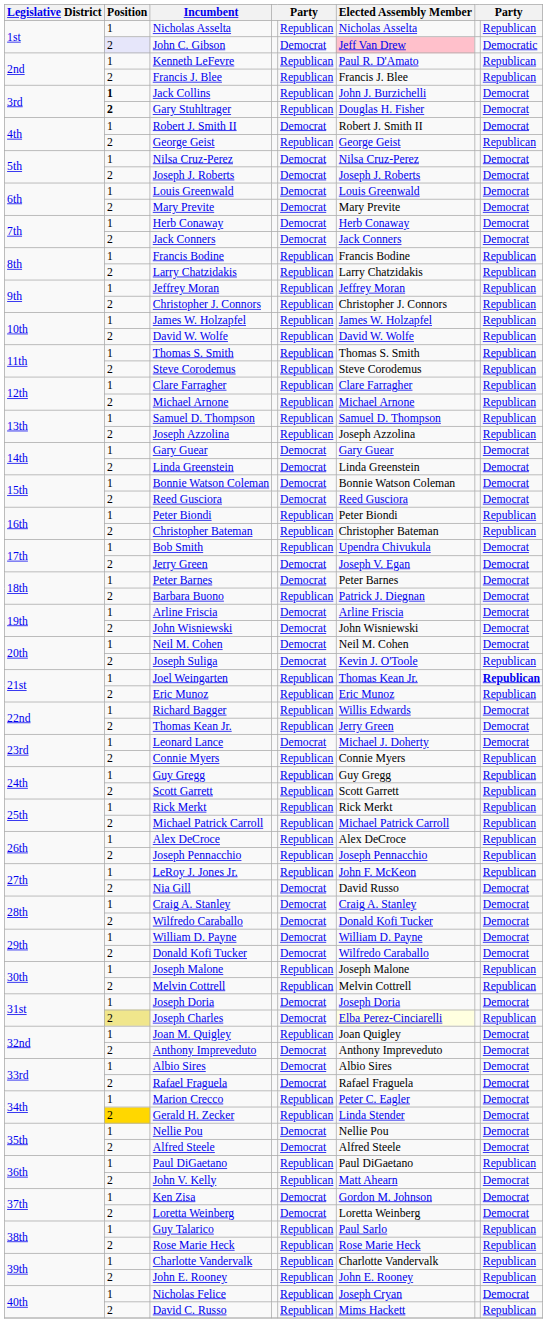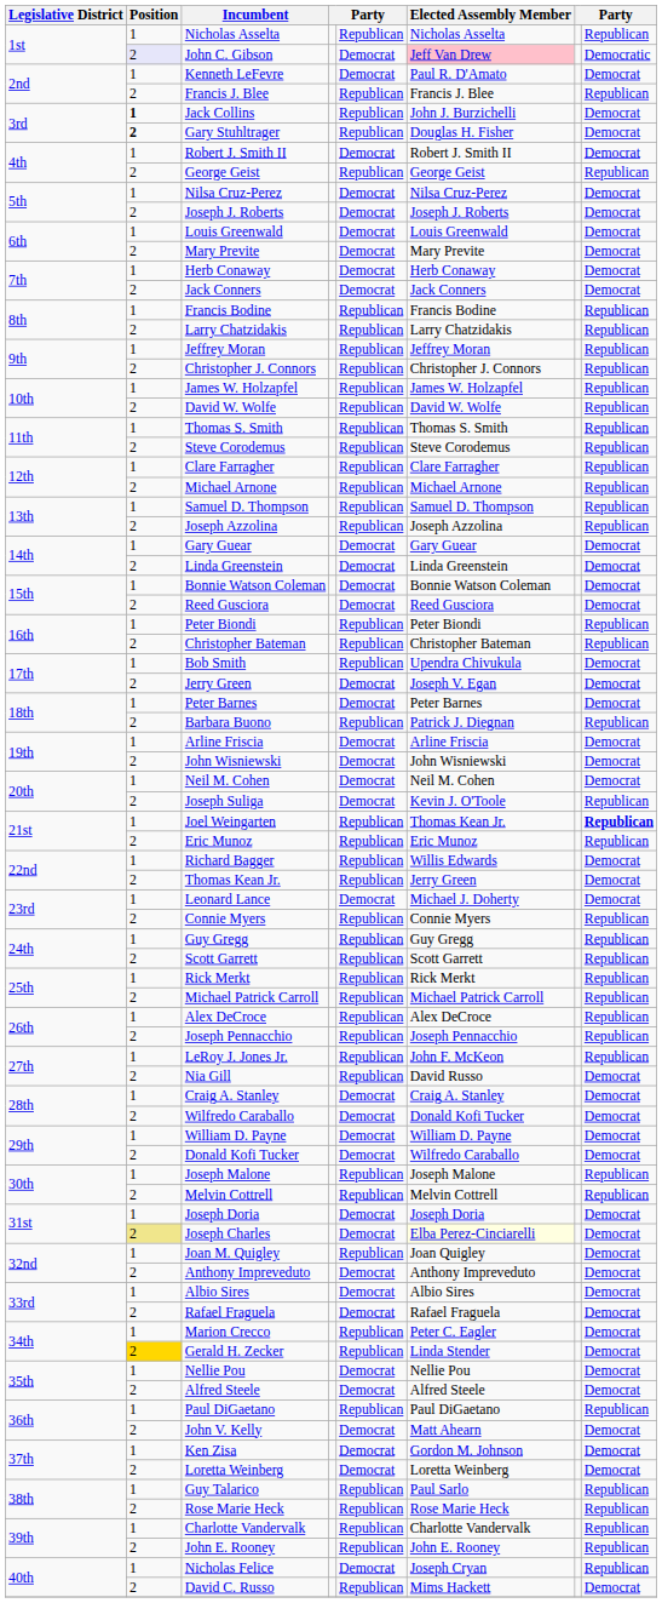 <table class="sortable wikitable" style="font-size:95%;line-height:14px;">
 <tr>
 <th colspan="1" class="sortable"><a href='#'>Legislative</a> District</th>
 <th colspan="1" class="sortable">Position</th>
 <th class="unsortable"><a href='#'>Incumbent</a></th>
 <th colspan="2">Party</th>
 <th class="unsortable">Elected Assembly Member</th>
 <th colspan="2">Party</th>
 </tr>
 <tr>
 <td rowspan="2"><a href='#'>1st</a></td>
 <td>1</td>
 <td><a href='#'>Nicholas Asselta</a></td>
 <td style="background:"></td>
 <td><a href='#'>Republican</a></td>
 <td><a href='#'>Nicholas Asselta</a></td>
 <td style="background:"></td>
 <td><a href='#'>Republican</a></td>
 </tr>
 <tr>
 <td style="background: lavender;">2</td>
 <td><a href='#'>John C. Gibson</a></td>
 <td style="background:"></td>
 <td><a href='#'>Democrat</a></td>
 <td style="background: pink;"><a href='#'>Jeff Van Drew</a></td>
 <td style="background:"></td>
 <td><a href='#'>Democratic</a></td>
 </tr>
 <tr>
 <td rowspan="2"><a href='#'>2nd</a></td>
 <td>1</td>
 <td><a href='#'>Kenneth LeFevre</a></td>
 <td style="background:"></td>
-<td><a href='#'>Republican</a></td>
+<td><a href='#'>Democrat</a></td>
 <td><a href='#'>Paul R. D'Amato</a></td>
 <td style="background:"></td>
-<td><a href='#'>Republican</a></td>
+<td><a href='#'>Democrat</a></td>
 </tr>
 <tr>
 <td>2</td>
 <td><a href='#'>Francis J. Blee</a></td>
 <td style="background:"></td>
 <td><a href='#'>Republican</a></td>
 <td>Francis J. Blee</td>
 <td style="background:"></td>
 <td><a href='#'>Republican</a></td>
 </tr>
 <tr>
 <td rowspan="2"><a href='#'>3rd</a></td>
 <td><strong>1</strong></td>
 <td><a href='#'>Jack Collins</a></td>
 <td style="background:"></td>
 <td><a href='#'>Republican</a></td>
 <td><a href='#'>John J. Burzichelli</a></td>
 <td style="background:"></td>
 <td><a href='#'>Democrat</a></td>
 </tr>
 <tr>
 <td><strong>2</strong></td>
 <td><a href='#'>Gary Stuhltrager</a></td>
 <td style="background:"></td>
 <td><a href='#'>Republican</a></td>
 <td><a href='#'>Douglas H. Fisher</a></td>
 <td style="background:"></td>
 <td><a href='#'>Democrat</a></td>
 </tr>
 <tr>
 <td rowspan="2"><a href='#'>4th</a></td>
 <td>1</td>
 <td><a href='#'>Robert J. Smith II</a></td>
 <td style="background:"></td>
 <td><a href='#'>Democrat</a></td>
 <td>Robert J. Smith II</td>
 <td style="background:"></td>
 <td><a href='#'>Democrat</a></td>
 </tr>
 <tr>
 <td>2</td>
 <td><a href='#'>George Geist</a></td>
 <td style="background:"></td>
 <td><a href='#'>Republican</a></td>
 <td><a href='#'>George Geist</a></td>
 <td style="background:"></td>
 <td><a href='#'>Republican</a></td>
 </tr>
 <tr>
 <td rowspan="2"><a href='#'>5th</a></td>
 <td>1</td>
 <td><a href='#'>Nilsa Cruz-Perez</a></td>
 <td style="background:"></td>
 <td><a href='#'>Democrat</a></td>
 <td><a href='#'>Nilsa Cruz-Perez</a></td>
 <td style="background:"></td>
 <td><a href='#'>Democrat</a></td>
 </tr>
 <tr>
 <td>2</td>
 <td><a href='#'>Joseph J. Roberts</a></td>
 <td style="background:"></td>
 <td><a href='#'>Democrat</a></td>
 <td><a href='#'>Joseph J. Roberts</a></td>
 <td style="background:"></td>
 <td><a href='#'>Democrat</a></td>
 </tr>
 <tr>
 <td rowspan="2"><a href='#'>6th</a></td>
 <td>1</td>
 <td><a href='#'>Louis Greenwald</a></td>
 <td style="background:"></td>
 <td><a href='#'>Democrat</a></td>
 <td><a href='#'>Louis Greenwald</a></td>
 <td style="background:"></td>
 <td><a href='#'>Democrat</a></td>
 </tr>
 <tr>
 <td>2</td>
 <td><a href='#'>Mary Previte</a></td>
 <td style="background:"></td>
 <td><a href='#'>Democrat</a></td>
 <td>Mary Previte</td>
 <td style="background:"></td>
 <td><a href='#'>Democrat</a></td>
 </tr>
 <tr>
 <td rowspan="2"><a href='#'>7th</a></td>
 <td>1</td>
 <td><a href='#'>Herb Conaway</a></td>
 <td style="background:"></td>
 <td><a href='#'>Democrat</a></td>
 <td><a href='#'>Herb Conaway</a></td>
 <td style="background:"></td>
 <td><a href='#'>Democrat</a></td>
 </tr>
 <tr>
 <td>2</td>
 <td><a href='#'>Jack Conners</a></td>
 <td style="background:"></td>
 <td><a href='#'>Democrat</a></td>
 <td><a href='#'>Jack Conners</a></td>
 <td style="background:"></td>
 <td><a href='#'>Democrat</a></td>
 </tr>
 <tr>
 <td rowspan="2"><a href='#'>8th</a></td>
 <td>1</td>
 <td><a href='#'>Francis Bodine</a></td>
 <td style="background:"></td>
 <td><a href='#'>Republican</a></td>
 <td>Francis Bodine</td>
 <td style="background:"></td>
 <td><a href='#'>Republican</a></td>
 </tr>
 <tr>
 <td>2</td>
 <td><a href='#'>Larry Chatzidakis</a></td>
 <td style="background:"></td>
 <td><a href='#'>Republican</a></td>
 <td>Larry Chatzidakis</td>
 <td style="background:"></td>
 <td><a href='#'>Republican</a></td>
 </tr>
 <tr>
 <td rowspan="2"><a href='#'>9th</a></td>
 <td>1</td>
 <td><a href='#'>Jeffrey Moran</a></td>
 <td style="background:"></td>
 <td><a href='#'>Republican</a></td>
 <td><a href='#'>Jeffrey Moran</a></td>
 <td style="background:"></td>
 <td><a href='#'>Republican</a></td>
 </tr>
 <tr>
 <td>2</td>
 <td><a href='#'>Christopher J. Connors</a></td>
 <td style="background:"></td>
 <td><a href='#'>Republican</a></td>
 <td>Christopher J. Connors</td>
 <td style="background:"></td>
 <td><a href='#'>Republican</a></td>
 </tr>
 <tr>
 <td rowspan="2"><a href='#'>10th</a></td>
 <td>1</td>
 <td><a href='#'>James W. Holzapfel</a></td>
 <td style="background:"></td>
 <td><a href='#'>Republican</a></td>
 <td><a href='#'>James W. Holzapfel</a></td>
 <td style="background:"></td>
 <td><a href='#'>Republican</a></td>
 </tr>
 <tr>
 <td>2</td>
 <td><a href='#'>David W. Wolfe</a></td>
 <td style="background:"></td>
 <td><a href='#'>Republican</a></td>
 <td><a href='#'>David W. Wolfe</a></td>
 <td style="background:"></td>
 <td><a href='#'>Republican</a></td>
 </tr>
 <tr>
 <td rowspan="2"><a href='#'>11th</a></td>
 <td>1</td>
 <td><a href='#'>Thomas S. Smith</a></td>
 <td style="background:"></td>
 <td><a href='#'>Republican</a></td>
 <td>Thomas S. Smith</td>
 <td style="background:"></td>
 <td><a href='#'>Republican</a></td>
 </tr>
 <tr>
 <td>2</td>
 <td><a href='#'>Steve Corodemus</a></td>
 <td style="background:"></td>
 <td><a href='#'>Republican</a></td>
 <td>Steve Corodemus</td>
 <td style="background:"></td>
 <td><a href='#'>Republican</a></td>
 </tr>
 <tr>
 <td rowspan="2"><a href='#'>12th</a></td>
 <td>1</td>
 <td><a href='#'>Clare Farragher</a></td>
 <td style="background:"></td>
 <td><a href='#'>Republican</a></td>
 <td><a href='#'>Clare Farragher</a></td>
 <td style="background:"></td>
 <td><a href='#'>Republican</a></td>
 </tr>
 <tr>
 <td>2</td>
 <td><a href='#'>Michael Arnone</a></td>
 <td style="background:"></td>
 <td><a href='#'>Republican</a></td>
 <td><a href='#'>Michael Arnone</a></td>
 <td style="background:"></td>
 <td><a href='#'>Republican</a></td>
 </tr>
 <tr>
 <td rowspan="2"><a href='#'>13th</a></td>
 <td>1</td>
 <td><a href='#'>Samuel D. Thompson</a></td>
 <td style="background:"></td>
 <td><a href='#'>Republican</a></td>
 <td><a href='#'>Samuel D. Thompson</a></td>
 <td style="background:"></td>
 <td><a href='#'>Republican</a></td>
 </tr>
 <tr>
 <td>2</td>
 <td><a href='#'>Joseph Azzolina</a></td>
 <td style="background:"></td>
 <td><a href='#'>Republican</a></td>
 <td>Joseph Azzolina</td>
 <td style="background:"></td>
 <td><a href='#'>Republican</a></td>
 </tr>
 <tr>
 <td rowspan="2"><a href='#'>14th</a></td>
 <td>1</td>
 <td><a href='#'>Gary Guear</a></td>
 <td style="background:"></td>
 <td><a href='#'>Democrat</a></td>
 <td><a href='#'>Gary Guear</a></td>
 <td style="background:"></td>
 <td><a href='#'>Democrat</a></td>
 </tr>
 <tr>
 <td>2</td>
 <td><a href='#'>Linda Greenstein</a></td>
 <td style="background:"></td>
 <td><a href='#'>Democrat</a></td>
 <td>Linda Greenstein</td>
 <td style="background:"></td>
 <td><a href='#'>Democrat</a></td>
 </tr>
 <tr>
 <td rowspan="2"><a href='#'>15th</a></td>
 <td>1</td>
 <td><a href='#'>Bonnie Watson Coleman</a></td>
 <td style="background:"></td>
 <td><a href='#'>Democrat</a></td>
 <td>Bonnie Watson Coleman</td>
 <td style="background:"></td>
 <td><a href='#'>Democrat</a></td>
 </tr>
 <tr>
 <td>2</td>
 <td><a href='#'>Reed Gusciora</a></td>
 <td style="background:"></td>
 <td><a href='#'>Democrat</a></td>
 <td><a href='#'>Reed Gusciora</a></td>
 <td style="background:"></td>
 <td><a href='#'>Democrat</a></td>
 </tr>
 <tr>
 <td rowspan="2"><a href='#'>16th</a></td>
 <td>1</td>
 <td><a href='#'>Peter Biondi</a></td>
 <td style="background:"></td>
 <td><a href='#'>Republican</a></td>
 <td>Peter Biondi</td>
 <td style="background:"></td>
 <td><a href='#'>Republican</a></td>
 </tr>
 <tr>
 <td>2</td>
 <td><a href='#'>Christopher Bateman</a></td>
 <td style="background:"></td>
 <td><a href='#'>Republican</a></td>
 <td>Christopher Bateman</td>
 <td style="background:"></td>
 <td><a href='#'>Republican</a></td>
 </tr>
 <tr>
 <td rowspan="2"><a href='#'>17th</a></td>
 <td>1</td>
 <td><a href='#'>Bob Smith</a></td>
 <td style="background:"></td>
 <td><a href='#'>Republican</a></td>
 <td><a href='#'>Upendra Chivukula</a></td>
 <td style="background:"></td>
 <td><a href='#'>Democrat</a></td>
 </tr>
 <tr>
 <td>2</td>
 <td><a href='#'>Jerry Green</a></td>
 <td style="background:"></td>
 <td><a href='#'>Democrat</a></td>
 <td><a href='#'>Joseph V. Egan</a></td>
 <td style="background:"></td>
 <td><a href='#'>Democrat</a></td>
 </tr>
 <tr>
 <td rowspan="2"><a href='#'>18th</a></td>
 <td>1</td>
 <td><a href='#'>Peter Barnes</a></td>
 <td style="background:"></td>
 <td><a href='#'>Democrat</a></td>
 <td>Peter Barnes</td>
 <td style="background:"></td>
 <td><a href='#'>Democrat</a></td>
 </tr>
 <tr>
 <td>2</td>
 <td><a href='#'>Barbara Buono</a></td>
 <td style="background:"></td>
 <td><a href='#'>Republican</a></td>
 <td><a href='#'>Patrick J. Diegnan</a></td>
 <td style="background:"></td>
-<td><a href='#'>Democrat</a></td>
+<td><a href='#'>Republican</a></td>
 </tr>
 <tr>
 <td rowspan="2"><a href='#'>19th</a></td>
 <td>1</td>
 <td><a href='#'>Arline Friscia</a></td>
 <td style="background:"></td>
 <td><a href='#'>Democrat</a></td>
 <td><a href='#'>Arline Friscia</a></td>
 <td style="background:"></td>
 <td><a href='#'>Democrat</a></td>
 </tr>
 <tr>
 <td>2</td>
 <td><a href='#'>John Wisniewski</a></td>
 <td style="background:"></td>
 <td><a href='#'>Democrat</a></td>
 <td>John Wisniewski</td>
 <td style="background:"></td>
 <td><a href='#'>Democrat</a></td>
 </tr>
 <tr>
 <td rowspan="2"><a href='#'>20th</a></td>
 <td>1</td>
 <td><a href='#'>Neil M. Cohen</a></td>
 <td style="background:"></td>
 <td><a href='#'>Democrat</a></td>
 <td>Neil M. Cohen</td>
 <td style="background:"></td>
 <td><a href='#'>Democrat</a></td>
 </tr>
 <tr>
 <td>2</td>
 <td><a href='#'>Joseph Suliga</a></td>
 <td style="background:"></td>
 <td><a href='#'>Democrat</a></td>
 <td><a href='#'>Kevin J. O'Toole</a></td>
 <td style="background:"></td>
 <td><a href='#'>Republican</a></td>
 </tr>
 <tr>
 <td rowspan="2"><a href='#'>21st</a></td>
 <td>1</td>
 <td><a href='#'>Joel Weingarten</a></td>
 <td style="background:"></td>
 <td><a href='#'>Republican</a></td>
 <td><a href='#'>Thomas Kean Jr.</a></td>
 <td style="background:"></td>
 <td><strong><a href='#'>Republican</a></strong></td>
 </tr>
 <tr>
 <td>2</td>
 <td><a href='#'>Eric Munoz</a></td>
 <td style="background:"></td>
 <td><a href='#'>Republican</a></td>
 <td><a href='#'>Eric Munoz</a></td>
 <td style="background:"></td>
 <td><a href='#'>Republican</a></td>
 </tr>
 <tr>
 <td rowspan="2"><a href='#'>22nd</a></td>
 <td>1</td>
 <td><a href='#'>Richard Bagger</a></td>
 <td style="background:"></td>
 <td><a href='#'>Republican</a></td>
 <td><a href='#'>Willis Edwards</a></td>
 <td style="background:"></td>
 <td><a href='#'>Democrat</a></td>
 </tr>
 <tr>
 <td>2</td>
 <td><a href='#'>Thomas Kean Jr.</a></td>
 <td style="background:"></td>
 <td><a href='#'>Republican</a></td>
 <td><a href='#'>Jerry Green</a></td>
 <td style="background:"></td>
 <td><a href='#'>Democrat</a></td>
 </tr>
 <tr>
 <td rowspan="2"><a href='#'>23rd</a></td>
 <td>1</td>
 <td><a href='#'>Leonard Lance</a></td>
 <td style="background:"></td>
 <td><a href='#'>Democrat</a></td>
 <td><a href='#'>Michael J. Doherty</a></td>
 <td style="background:"></td>
 <td><a href='#'>Democrat</a></td>
 </tr>
 <tr>
 <td>2</td>
 <td><a href='#'>Connie Myers</a></td>
 <td style="background:"></td>
 <td><a href='#'>Republican</a></td>
 <td>Connie Myers</td>
 <td style="background:"></td>
 <td><a href='#'>Republican</a></td>
 </tr>
 <tr>
 <td rowspan="2"><a href='#'>24th</a></td>
 <td>1</td>
 <td><a href='#'>Guy Gregg</a></td>
 <td style="background:"></td>
 <td><a href='#'>Republican</a></td>
 <td>Guy Gregg</td>
 <td style="background:"></td>
 <td><a href='#'>Republican</a></td>
 </tr>
 <tr>
 <td>2</td>
 <td><a href='#'>Scott Garrett</a></td>
 <td style="background:"></td>
 <td><a href='#'>Republican</a></td>
 <td>Scott Garrett</td>
 <td style="background:"></td>
 <td><a href='#'>Republican</a></td>
 </tr>
 <tr>
 <td rowspan="2"><a href='#'>25th</a></td>
 <td>1</td>
 <td><a href='#'>Rick Merkt</a></td>
 <td style="background:"></td>
 <td><a href='#'>Republican</a></td>
 <td>Rick Merkt</td>
 <td style="background:"></td>
 <td><a href='#'>Republican</a></td>
 </tr>
 <tr>
 <td>2</td>
 <td><a href='#'>Michael Patrick Carroll</a></td>
 <td style="background:"></td>
 <td><a href='#'>Republican</a></td>
 <td><a href='#'>Michael Patrick Carroll</a></td>
 <td style="background:"></td>
 <td><a href='#'>Republican</a></td>
 </tr>
 <tr>
 <td rowspan="2"><a href='#'>26th</a></td>
 <td>1</td>
 <td><a href='#'>Alex DeCroce</a></td>
 <td style="background:"></td>
 <td><a href='#'>Republican</a></td>
 <td>Alex DeCroce</td>
 <td style="background:"></td>
 <td><a href='#'>Republican</a></td>
 </tr>
 <tr>
 <td>2</td>
 <td><a href='#'>Joseph Pennacchio</a></td>
 <td style="background:"></td>
 <td><a href='#'>Republican</a></td>
 <td><a href='#'>Joseph Pennacchio</a></td>
 <td style="background:"></td>
 <td><a href='#'>Republican</a></td>
 </tr>
 <tr>
 <td rowspan="2"><a href='#'>27th</a></td>
 <td>1</td>
 <td><a href='#'>LeRoy J. Jones Jr.</a></td>
 <td style="background:"></td>
 <td><a href='#'>Republican</a></td>
 <td><a href='#'>John F. McKeon</a></td>
 <td style="background:"></td>
 <td><a href='#'>Republican</a></td>
 </tr>
 <tr>
 <td>2</td>
 <td><a href='#'>Nia Gill</a></td>
 <td style="background:"></td>
-<td><a href='#'>Democrat</a></td>
+<td><a href='#'>Republican</a></td>
 <td>David Russo</td>
 <td style="background:"></td>
 <td><a href='#'>Democrat</a></td>
 </tr>
 <tr>
 <td rowspan="2"><a href='#'>28th</a></td>
 <td>1</td>
 <td><a href='#'>Craig A. Stanley</a></td>
 <td style="background:"></td>
 <td><a href='#'>Democrat</a></td>
 <td><a href='#'>Craig A. Stanley</a></td>
 <td style="background:"></td>
 <td><a href='#'>Democrat</a></td>
 </tr>
 <tr>
 <td>2</td>
 <td><a href='#'>Wilfredo Caraballo</a></td>
 <td style="background:"></td>
 <td><a href='#'>Democrat</a></td>
 <td><a href='#'>Donald Kofi Tucker</a></td>
 <td style="background:"></td>
 <td><a href='#'>Democrat</a></td>
 </tr>
 <tr>
 <td rowspan="2"><a href='#'>29th</a></td>
 <td>1</td>
 <td><a href='#'>William D. Payne</a></td>
 <td style="background:"></td>
 <td><a href='#'>Democrat</a></td>
 <td><a href='#'>William D. Payne</a></td>
 <td style="background:"></td>
 <td><a href='#'>Democrat</a></td>
 </tr>
 <tr>
 <td>2</td>
 <td><a href='#'>Donald Kofi Tucker</a></td>
 <td style="background:"></td>
 <td><a href='#'>Democrat</a></td>
 <td><a href='#'>Wilfredo Caraballo</a></td>
 <td style="background:"></td>
 <td><a href='#'>Democrat</a></td>
 </tr>
 <tr>
 <td rowspan="2"><a href='#'>30th</a></td>
 <td>1</td>
 <td><a href='#'>Joseph Malone</a></td>
 <td style="background:"></td>
 <td><a href='#'>Republican</a></td>
 <td>Joseph Malone</td>
 <td style="background:"></td>
 <td><a href='#'>Republican</a></td>
 </tr>
 <tr>
 <td>2</td>
 <td><a href='#'>Melvin Cottrell</a></td>
 <td style="background:"></td>
 <td><a href='#'>Republican</a></td>
 <td>Melvin Cottrell</td>
 <td style="background:"></td>
 <td><a href='#'>Republican</a></td>
 </tr>
 <tr>
 <td rowspan="2"><a href='#'>31st</a></td>
 <td>1</td>
 <td><a href='#'>Joseph Doria</a></td>
 <td style="background:"></td>
 <td><a href='#'>Democrat</a></td>
 <td><a href='#'>Joseph Doria</a></td>
 <td style="background:"></td>
 <td><a href='#'>Democrat</a></td>
 </tr>
 <tr>
 <td style="background: khaki;">2</td>
 <td><a href='#'>Joseph Charles</a></td>
 <td style="background:"></td>
 <td><a href='#'>Democrat</a></td>
 <td style="background: lightyellow;"><a href='#'>Elba Perez-Cinciarelli</a></td>
 <td style="background:"></td>
-<td><a href='#'>Republican</a></td>
+<td><a href='#'>Democrat</a></td>
 </tr>
 <tr>
 <td rowspan="2"><a href='#'>32nd</a></td>
 <td>1</td>
 <td><a href='#'>Joan M. Quigley</a></td>
 <td style="background:"></td>
 <td><a href='#'>Republican</a></td>
 <td>Joan Quigley</td>
 <td style="background:"></td>
 <td><a href='#'>Democrat</a></td>
 </tr>
 <tr>
 <td>2</td>
 <td><a href='#'>Anthony Impreveduto</a></td>
 <td style="background:"></td>
 <td><a href='#'>Democrat</a></td>
 <td>Anthony Impreveduto</td>
 <td style="background:"></td>
 <td><a href='#'>Democrat</a></td>
 </tr>
 <tr>
 <td rowspan="2"><a href='#'>33rd</a></td>
 <td>1</td>
 <td><a href='#'>Albio Sires</a></td>
 <td style="background:"></td>
 <td><a href='#'>Democrat</a></td>
 <td>Albio Sires</td>
 <td style="background:"></td>
 <td><a href='#'>Democrat</a></td>
 </tr>
 <tr>
 <td>2</td>
 <td><a href='#'>Rafael Fraguela</a></td>
 <td style="background:"></td>
 <td><a href='#'>Democrat</a></td>
 <td>Rafael Fraguela</td>
 <td style="background:"></td>
 <td><a href='#'>Democrat</a></td>
 </tr>
 <tr>
 <td rowspan="2"><a href='#'>34th</a></td>
 <td>1</td>
 <td><a href='#'>Marion Crecco</a></td>
 <td style="background:"></td>
 <td><a href='#'>Republican</a></td>
 <td><a href='#'>Peter C. Eagler</a></td>
 <td style="background:"></td>
 <td><a href='#'>Democrat</a></td>
 </tr>
 <tr>
 <td style="background: gold;">2</td>
 <td><a href='#'>Gerald H. Zecker</a></td>
 <td style="background:"></td>
 <td><a href='#'>Republican</a></td>
 <td><a href='#'>Linda Stender</a></td>
 <td style="background:"></td>
 <td><a href='#'>Democrat</a></td>
 </tr>
 <tr>
 <td rowspan="2"><a href='#'>35th</a></td>
 <td>1</td>
 <td><a href='#'>Nellie Pou</a></td>
 <td style="background:"></td>
 <td><a href='#'>Democrat</a></td>
 <td>Nellie Pou</td>
 <td style="background:"></td>
 <td><a href='#'>Democrat</a></td>
 </tr>
 <tr>
 <td>2</td>
 <td><a href='#'>Alfred Steele</a></td>
 <td style="background:"></td>
 <td><a href='#'>Democrat</a></td>
 <td>Alfred Steele</td>
 <td style="background:"></td>
 <td><a href='#'>Democrat</a></td>
 </tr>
 <tr>
 <td rowspan="2"><a href='#'>36th</a></td>
 <td>1</td>
 <td><a href='#'>Paul DiGaetano</a></td>
 <td style="background:"></td>
 <td><a href='#'>Republican</a></td>
 <td>Paul DiGaetano</td>
 <td style="background:"></td>
 <td><a href='#'>Republican</a></td>
 </tr>
 <tr>
 <td>2</td>
 <td><a href='#'>John V. Kelly</a></td>
 <td style="background:"></td>
-<td><a href='#'>Republican</a></td>
+<td><a href='#'>Democrat</a></td>
 <td><a href='#'>Matt Ahearn</a></td>
 <td style="background:"></td>
 <td><a href='#'>Democrat</a></td>
 </tr>
 <tr>
 <td rowspan="2"><a href='#'>37th</a></td>
 <td>1</td>
 <td><a href='#'>Ken Zisa</a></td>
 <td style="background:"></td>
 <td><a href='#'>Democrat</a></td>
 <td><a href='#'>Gordon M. Johnson</a></td>
 <td style="background:"></td>
 <td><a href='#'>Democrat</a></td>
 </tr>
 <tr>
 <td>2</td>
 <td><a href='#'>Loretta Weinberg</a></td>
 <td style="background:"></td>
 <td><a href='#'>Democrat</a></td>
 <td>Loretta Weinberg</td>
 <td style="background:"></td>
 <td><a href='#'>Democrat</a></td>
 </tr>
 <tr>
 <td rowspan="2"><a href='#'>38th</a></td>
 <td>1</td>
 <td><a href='#'>Guy Talarico</a></td>
 <td style="background:"></td>
 <td><a href='#'>Republican</a></td>
 <td><a href='#'>Paul Sarlo</a></td>
 <td style="background:"></td>
 <td><a href='#'>Republican</a></td>
 </tr>
 <tr>
 <td>2</td>
 <td><a href='#'>Rose Marie Heck</a></td>
 <td style="background:"></td>
 <td><a href='#'>Republican</a></td>
 <td><a href='#'>Rose Marie Heck</a></td>
 <td style="background:"></td>
 <td><a href='#'>Republican</a></td>
 </tr>
 <tr>
 <td rowspan="2"><a href='#'>39th</a></td>
 <td>1</td>
 <td><a href='#'>Charlotte Vandervalk</a></td>
 <td style="background:"></td>
 <td><a href='#'>Republican</a></td>
 <td>Charlotte Vandervalk</td>
 <td style="background:"></td>
 <td><a href='#'>Republican</a></td>
 </tr>
 <tr>
 <td>2</td>
 <td><a href='#'>John E. Rooney</a></td>
 <td style="background:"></td>
 <td><a href='#'>Republican</a></td>
 <td><a href='#'>John E. Rooney</a></td>
 <td style="background:"></td>
 <td><a href='#'>Republican</a></td>
 </tr>
 <tr>
 <td rowspan="2"><a href='#'>40th</a></td>
 <td>1</td>
 <td><a href='#'>Nicholas Felice</a></td>
 <td style="background:"></td>
-<td><a href='#'>Republican</a></td>
+<td><a href='#'>Democrat</a></td>
 <td><a href='#'>Joseph Cryan</a></td>
 <td style="background:"></td>
-<td><a href='#'>Democrat</a></td>
+<td><a href='#'>Republican</a></td>
 </tr>
 <tr>
 <td>2</td>
 <td><a href='#'>David C. Russo</a></td>
 <td style="background:"></td>
 <td><a href='#'>Republican</a></td>
 <td><a href='#'>Mims Hackett</a></td>
 <td style="background:"></td>
-<td><a href='#'>Republican</a></td>
+<td><a href='#'>Democrat</a></td>
 </tr>
 <tr>
 </tr>
 </table>
